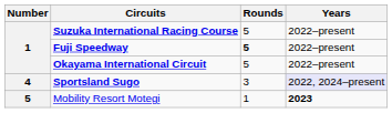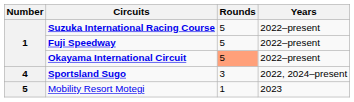 <table class="wikitable" style="text-align=center">
 <tr>
 <th>Number</th>
 <th>Circuits</th>
 <th>Rounds</th>
 <th>Years</th>
 </tr>
 <tr>
 <th rowspan=3>1</th>
 <td> <strong><a href='#'>Suzuka International Racing Course</a></strong></td>
 <td>5</td>
 <td>2022–present</td>
 </tr>
 <tr>
 <td> <strong><a href='#'>Fuji Speedway</a></strong></td>
-<td><strong>5</strong></td>
+<td>5</td>
 <td>2022–present</td>
 </tr>
 <tr>
 <td> <strong><a href='#'>Okayama International Circuit</a></strong></td>
-<td>5</td>
+<td style="background: lightsalmon;">5</td>
 <td>2022–present</td>
 </tr>
 <tr>
 <th>4</th>
 <td> <strong><a href='#'>Sportsland Sugo</a></strong></td>
 <td>3</td>
-<td style="background: lavender;">2022, 2024–present</td>
+<td>2022, 2024–present</td>
 </tr>
 <tr>
 <th>5</th>
 <td> <a href='#'>Mobility Resort Motegi</a></td>
 <td>1</td>
-<td><strong>2023</strong></td>
+<td>2023</td>
 </tr>
 </table>
